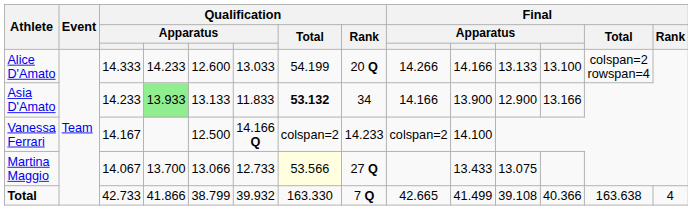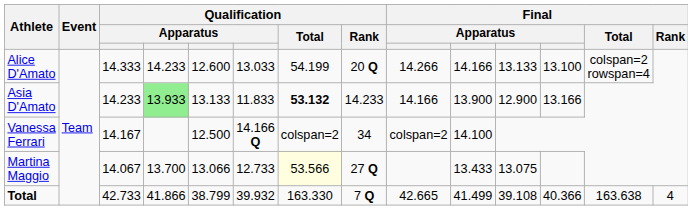 <table class="wikitable" style="font-size:90%">
 <tr>
 <th rowspan=3>Athlete</th>
 <th rowspan=3>Event</th>
 <th colspan=6>Qualification</th>
 <th colspan=6>Final</th>
 </tr>
 <tr style="font-size:95%">
 <th colspan=4>Apparatus</th>
 <th rowspan=2>Total</th>
 <th rowspan=2>Rank</th>
 <th colspan=4>Apparatus</th>
 <th rowspan=2>Total</th>
 <th rowspan=2>Rank</th>
 </tr>
 <tr style="font-size:95%">
 <th></th>
 <th></th>
 <th></th>
 <th></th>
 <th></th>
 <th></th>
 <th></th>
 <th></th>
 </tr>
 <tr align=center>
 <td align=left><a href='#'>Alice D'Amato</a></td>
 <td align=left rowspan=5><a href='#'>Team</a></td>
 <td>14.333</td>
 <td>14.233</td>
 <td>12.600</td>
 <td>13.033</td>
 <td>54.199</td>
 <td>20 <strong>Q</strong></td>
 <td>14.266</td>
 <td>14.166</td>
 <td>13.133</td>
 <td>13.100</td>
 <td>colspan=2 rowspan=4 </td>
 </tr>
 <tr align=center>
 <td align=left><a href='#'>Asia D'Amato</a></td>
 <td>14.233</td>
 <td style="background: lightgreen;">13.933</td>
 <td>13.133</td>
 <td>11.833</td>
 <td><strong>53.132</strong></td>
-<td>34</td>
+<td>14.233</td>
 <td>14.166</td>
 <td>13.900</td>
 <td>12.900</td>
 <td>13.166</td>
 </tr>
 <tr align=center>
 <td align=left><a href='#'>Vanessa Ferrari</a></td>
 <td>14.167</td>
 <td></td>
 <td>12.500</td>
 <td>14.166 <strong>Q</strong></td>
 <td>colspan=2 </td>
-<td>14.233</td>
+<td>34</td>
 <td>colspan=2 </td>
 <td>14.100</td>
 </tr>
 <tr align=center>
 <td align=left><a href='#'>Martina Maggio</a></td>
 <td>14.067</td>
 <td>13.700</td>
 <td>13.066</td>
 <td>12.733</td>
 <td style="background: lightyellow;">53.566</td>
 <td>27 <strong>Q</strong></td>
 <td></td>
 <td>13.433</td>
 <td>13.075</td>
 <td></td>
 </tr>
 <tr align=center>
 <td align=left><strong>Total</strong></td>
 <td>42.733</td>
 <td>41.866</td>
 <td>38.799</td>
 <td>39.932</td>
 <td>163.330</td>
 <td>7 <strong>Q</strong></td>
 <td>42.665</td>
 <td>41.499</td>
 <td>39.108</td>
 <td>40.366</td>
 <td>163.638</td>
 <td>4</td>
 </tr>
 </table>
